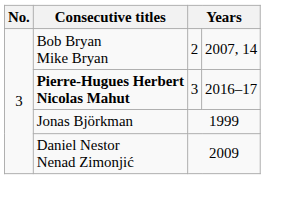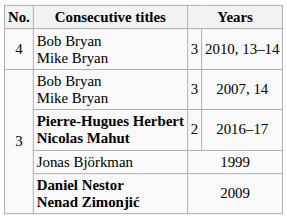 <table class="wikitable nowrap" style="text-align:center; display:inline-table">
 <tr>
 <th scope="col" style="width:20">No.</th>
 <th scope="col">Consecutive titles</th>
 <th scope="col" colspan="2">Years</th>
 </tr>
 <tr>
+<td>4</td>
+<td style="text-align: left;"> Bob Bryan<br> Mike Bryan</td>
+<td>3</td>
+<td>2010, 13–14</td>
+</tr>
+<tr>
 <td rowspan="4">3</td>
 <td style="text-align: left;"> Bob Bryan <br> Mike Bryan</td>
-<td>2</td>
+<td>3</td>
 <td>2007, 14</td>
 </tr>
 <tr>
 <td style="text-align: left;"><strong> Pierre-Hugues Herbert <br> Nicolas Mahut</strong></td>
-<td>3</td>
+<td>2</td>
 <td>2016–17</td>
 </tr>
 <tr>
 <td style="text-align: left;"> Jonas Björkman</td>
 <td colspan="2">1999</td>
 </tr>
 <tr>
-<td style="text-align: left;"> Daniel Nestor <br> Nenad Zimonjić</td>
+<td style="text-align: left;"><strong> Daniel Nestor <br> Nenad Zimonjić</strong></td>
 <td colspan="2">2009</td>
 </tr>
 </table>
